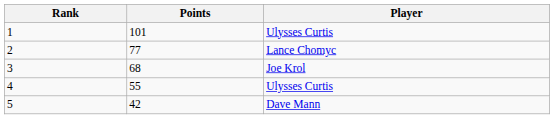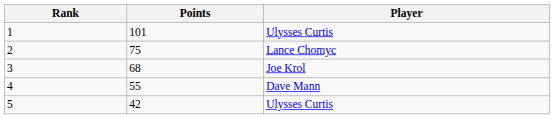 <table class="wikitable" style="width:60%;">
 <tr>
 <th>Rank</th>
 <th>Points</th>
 <th>Player</th>
 </tr>
 <tr>
 <td>1</td>
 <td>101</td>
 <td><a href='#'>Ulysses Curtis</a></td>
 </tr>
 <tr>
 <td>2</td>
-<td>77</td>
+<td>75</td>
 <td><a href='#'>Lance Chomyc</a></td>
 </tr>
 <tr>
 <td>3</td>
 <td>68</td>
 <td><a href='#'>Joe Krol</a></td>
 </tr>
 <tr>
 <td>4</td>
 <td>55</td>
-<td><a href='#'>Ulysses Curtis</a></td>
+<td><a href='#'>Dave Mann</a></td>
 </tr>
 <tr>
 <td>5</td>
 <td>42</td>
-<td><a href='#'>Dave Mann</a></td>
+<td><a href='#'>Ulysses Curtis</a></td>
 </tr>
 </table>
